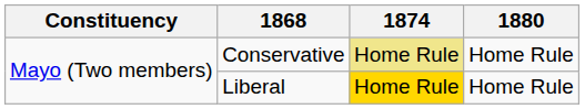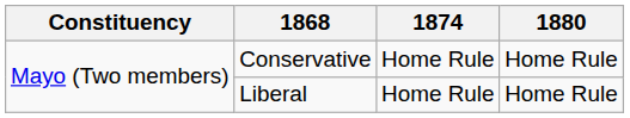 <table class="wikitable">
 <tr>
 <th>Constituency</th>
 <th>1868</th>
 <th>1874</th>
 <th>1880</th>
 </tr>
 <tr>
 <td rowspan="2"><a href='#'>Mayo</a> (Two members)</td>
 <td>Conservative</td>
-<td style="background: khaki;">Home Rule</td>
+<td>Home Rule</td>
 <td>Home Rule</td>
 </tr>
 <tr>
 <td>Liberal</td>
-<td style="background: gold;">Home Rule</td>
+<td>Home Rule</td>
 <td>Home Rule</td>
 </tr>
 </table>
